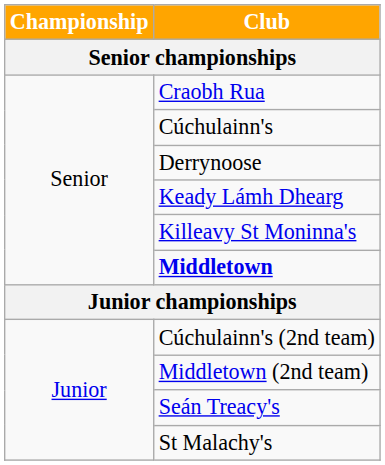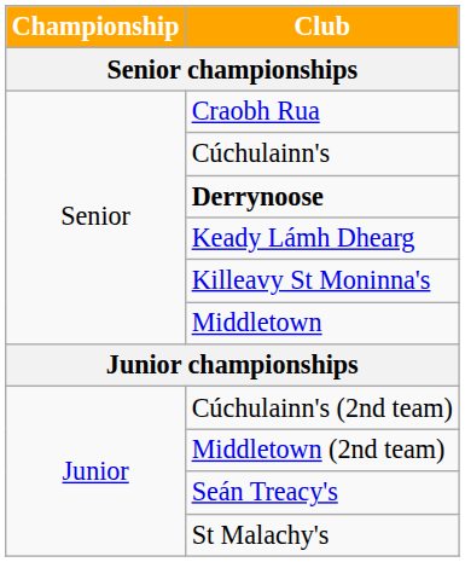 <table class="wikitable sortable" style="text-align:center;">
 <tr>
 <th style="background:orange;color:white">Championship</th>
 <th style="background:orange;color:white">Club</th>
 </tr>
 <tr>
 <th colspan="2">Senior championships</th>
 </tr>
 <tr>
 <td rowspan="6">Senior</td>
 <td style="text-align:left"> <a href='#'>Craobh Rua</a></td>
 </tr>
 <tr>
 <td style="text-align:left"> Cúchulainn's</td>
 </tr>
 <tr>
-<td style="text-align:left"> Derrynoose</td>
+<td style="text-align:left"><strong> Derrynoose</strong></td>
 </tr>
 <tr>
 <td style="text-align:left"> <a href='#'>Keady Lámh Dhearg</a></td>
 </tr>
 <tr>
 <td style="text-align:left"><a href='#'>Killeavy St Moninna's</a></td>
 </tr>
 <tr>
-<td style="text-align:left"><strong> <a href='#'>Middletown</a></strong></td>
+<td style="text-align:left"> <a href='#'>Middletown</a></td>
 </tr>
 <tr>
 <th colspan="2">Junior championships</th>
 </tr>
 <tr>
 <td rowspan="4"><a href='#'>Junior</a></td>
 <td style="text-align:left"> Cúchulainn's (2nd team)</td>
 </tr>
 <tr>
 <td style="text-align:left"> <a href='#'>Middletown</a> (2nd team)</td>
 </tr>
 <tr>
 <td style="text-align:left"> <a href='#'>Seán Treacy's</a></td>
 </tr>
 <tr>
 <td style="text-align:left"> St Malachy's</td>
 </tr>
 </table>
